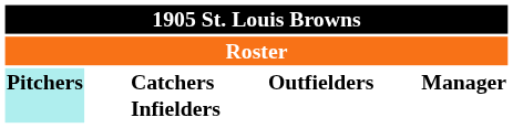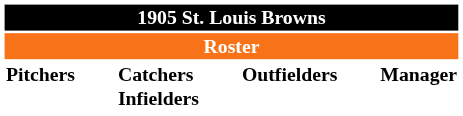 <table class="toccolours" style="font-size: 95%;">
 <tr>
 <th colspan="10" style="background-color: black; color: white; text-align: center;">1905 St. Louis Browns</th>
 </tr>
 <tr>
 <td colspan="10" style="background-color: #F87217; color: white; text-align: center;"><strong>Roster</strong></td>
 </tr>
 <tr>
-<td valign="top" style="background: paleturquoise;"><strong>Pitchers</strong><br>       </td>
+<td valign="top"><strong>Pitchers</strong><br>       </td>
 <td width="25px"></td>
 <td valign="top"><strong>Catchers</strong><br>      <strong>Infielders</strong>       </td>
 <td width="25px"></td>
 <td valign="top"><strong>Outfielders</strong><br>   </td>
 <td width="25px"></td>
 <td valign="top"><strong>Manager</strong><br></td>
 </tr>
 </table>
